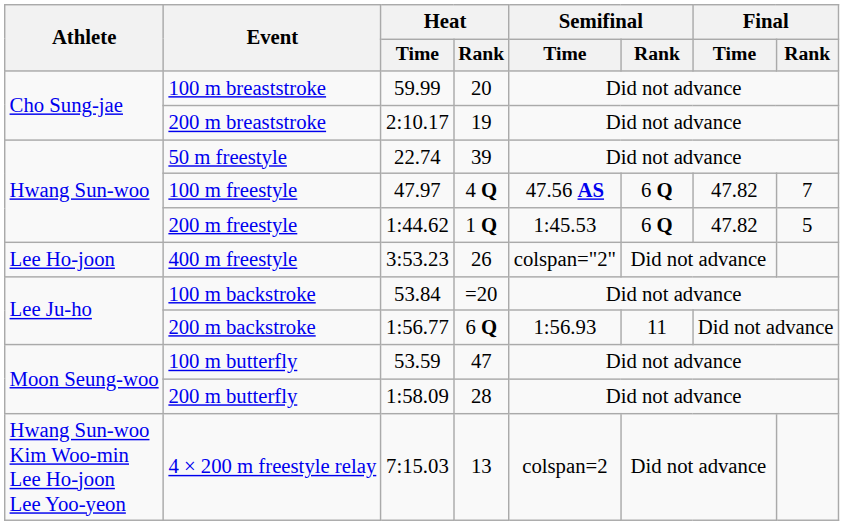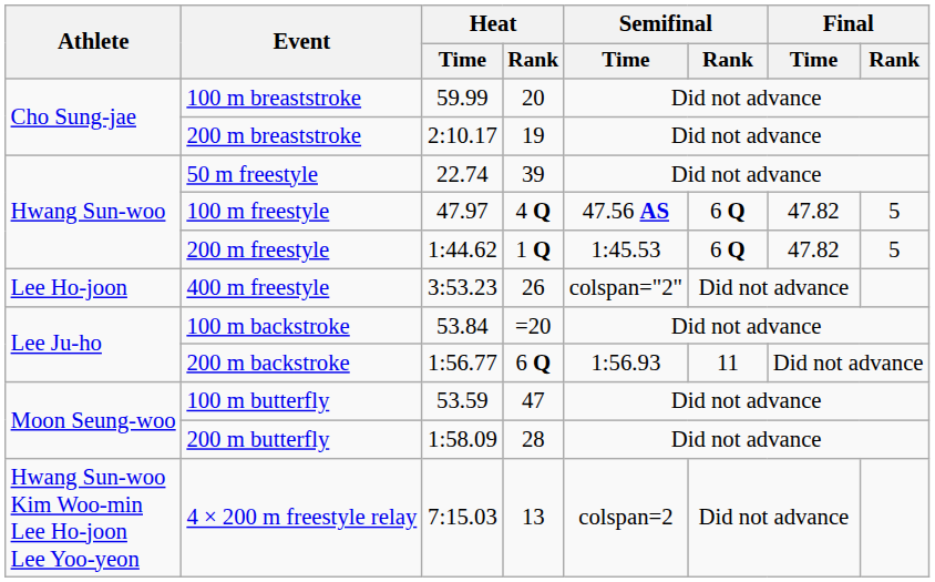 <table class=wikitable style="font-size:90%; text-align:center">
 <tr>
 <th rowspan="2">Athlete</th>
 <th rowspan="2">Event</th>
 <th colspan="2">Heat</th>
 <th colspan="2">Semifinal</th>
 <th colspan="2">Final</th>
 </tr>
 <tr style="font-size:95%">
 <th>Time</th>
 <th>Rank</th>
 <th>Time</th>
 <th>Rank</th>
 <th>Time</th>
 <th>Rank</th>
 </tr>
 <tr>
 <td rowspan="2" style="text-align:left"><a href='#'>Cho Sung-jae</a></td>
 <td style="text-align:left"><a href='#'>100 m breaststroke</a></td>
 <td>59.99</td>
 <td>20</td>
 <td colspan="4">Did not advance</td>
 </tr>
 <tr>
 <td style="text-align:left"><a href='#'>200 m breaststroke</a></td>
 <td>2:10.17</td>
 <td>19</td>
 <td colspan="4">Did not advance</td>
 </tr>
 <tr>
 <td rowspan="3" style="text-align:left"><a href='#'>Hwang Sun-woo</a></td>
 <td style="text-align:left"><a href='#'>50 m freestyle</a></td>
 <td>22.74</td>
 <td>39</td>
 <td colspan="4">Did not advance</td>
 </tr>
 <tr>
 <td style="text-align:left"><a href='#'>100 m freestyle</a></td>
 <td>47.97</td>
 <td>4 <strong>Q</strong></td>
 <td>47.56 <strong><a href='#'>AS</a></strong></td>
 <td>6 <strong>Q</strong></td>
 <td>47.82</td>
-<td>7</td>
+<td>5</td>
 </tr>
 <tr>
 <td style="text-align:left"><a href='#'>200 m freestyle</a></td>
 <td>1:44.62</td>
 <td>1 <strong>Q</strong></td>
 <td>1:45.53</td>
 <td>6 <strong>Q</strong></td>
 <td>47.82</td>
 <td>5</td>
 </tr>
 <tr>
 <td style="text-align:left"><a href='#'>Lee Ho-joon</a></td>
 <td style="text-align:left"><a href='#'>400 m freestyle</a></td>
 <td>3:53.23</td>
 <td>26</td>
 <td>colspan="2" </td>
 <td colspan="2">Did not advance</td>
 </tr>
 <tr>
 <td rowspan="2" style="text-align:left"><a href='#'>Lee Ju-ho</a></td>
 <td style="text-align:left"><a href='#'>100 m backstroke</a></td>
 <td>53.84</td>
 <td>=20</td>
 <td colspan="4">Did not advance</td>
 </tr>
 <tr>
 <td style="text-align:left"><a href='#'>200 m backstroke</a></td>
 <td>1:56.77</td>
 <td>6 <strong>Q</strong></td>
 <td>1:56.93</td>
 <td>11</td>
 <td colspan="2">Did not advance</td>
 </tr>
 <tr>
 <td rowspan="2" style="text-align:left"><a href='#'>Moon Seung-woo</a></td>
 <td style="text-align:left"><a href='#'>100 m butterfly</a></td>
 <td>53.59</td>
 <td>47</td>
 <td colspan="4">Did not advance</td>
 </tr>
 <tr>
 <td style="text-align:left"><a href='#'>200 m butterfly</a></td>
 <td>1:58.09</td>
 <td>28</td>
 <td colspan="4">Did not advance</td>
 </tr>
 <tr>
 <td style="text-align:left"><a href='#'>Hwang Sun-woo</a><br><a href='#'>Kim Woo-min</a><br><a href='#'>Lee Ho-joon</a><br><a href='#'>Lee Yoo-yeon</a></td>
 <td style="text-align:left"><a href='#'>4 × 200 m freestyle relay</a></td>
 <td>7:15.03</td>
 <td>13</td>
 <td>colspan=2 </td>
 <td colspan="2">Did not advance</td>
 </tr>
 </table>
